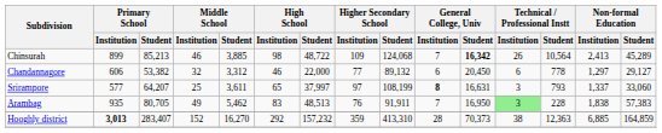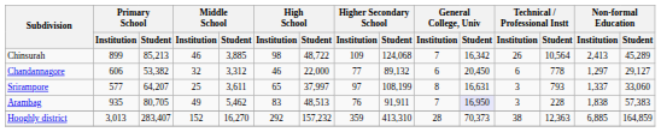 <table class="wikitable" style="text-align:center;font-size: 9pt">
 <tr>
 <th width="110" rowspan="2">Subdivision</th>
 <th colspan="2">Primary<br>School</th>
 <th colspan="2">Middle<br>School</th>
 <th colspan="2">High<br>School</th>
 <th colspan="2">Higher Secondary<br>School</th>
 <th colspan="2">General<br>College, Univ</th>
 <th colspan="2">Technical /<br>Professional Instt</th>
 <th colspan="2">Non-formal<br>Education</th>
 </tr>
 <tr>
 <th width="30">Institution</th>
 <th width="30">Student</th>
 <th width="30">Institution</th>
 <th width="30">Student</th>
 <th width="30">Institution</th>
 <th width="30">Student</th>
 <th width="30">Institution</th>
 <th width="30">Student</th>
 <th width="30">Institution</th>
 <th width="30">Student</th>
 <th width="30">Institution</th>
 <th width="30">Student</th>
 <th width="30">Institution</th>
 <th width="30">Student<br></th>
 </tr>
 <tr>
 <td align=left>Chinsurah</td>
 <td align="center">899</td>
 <td align="center">85,213</td>
 <td align="center">46</td>
 <td align="center">3,885</td>
 <td align="center">98</td>
 <td align="center">48,722</td>
 <td align="center">109</td>
 <td align="center">124,068</td>
 <td align="center">7</td>
-<td align="center"><strong>16,342</strong></td>
+<td align="center">16,342</td>
 <td align="center">26</td>
 <td align="center">10,564</td>
 <td align="center">2,413</td>
 <td align="center">45,289</td>
 </tr>
 <tr>
 <td align=left><a href='#'>Chandannagore</a></td>
 <td align="center">606</td>
 <td align="center">53,382</td>
 <td align="center">32</td>
 <td align="center">3,312</td>
 <td align="center">46</td>
 <td align="center">22,000</td>
 <td align="center">77</td>
 <td align="center">89,132</td>
 <td align="center">6</td>
 <td align="center">20,450</td>
 <td align="center">6</td>
 <td align="center">778</td>
 <td align="center">1,297</td>
 <td align="center">29,127</td>
 </tr>
 <tr>
 <td align=left><a href='#'>Srirampore</a></td>
 <td align="center">577</td>
 <td align="center">64,207</td>
 <td align="center">25</td>
 <td align="center">3,611</td>
 <td align="center">65</td>
 <td align="center">37,997</td>
 <td align="center">97</td>
 <td align="center">108,199</td>
-<td align="center"><strong>8</strong></td>
+<td align="center">8</td>
 <td align="center">16,631</td>
 <td align="center">3</td>
 <td align="center">793</td>
 <td align="center">1,337</td>
 <td align="center">33,060</td>
 </tr>
 <tr>
 <td align=left><a href='#'>Arambag</a></td>
 <td align="center">935</td>
 <td align="center">80,705</td>
 <td align="center">49</td>
 <td align="center">5,462</td>
 <td align="center">83</td>
 <td align="center">48,513</td>
 <td align="center">76</td>
 <td align="center">91,911</td>
 <td align="center">7</td>
-<td align="center">16,950</td>
-<td align="center" style="background: lightgreen;">3</td>
+<td align="center" style="background: lavender;">16,950</td>
+<td align="center">3</td>
 <td align="center">228</td>
 <td align="center">1,838</td>
 <td align="center">57,383</td>
 </tr>
 <tr>
 </tr>
 <tr>
 <td align=left><a href='#'>Hooghly district</a></td>
-<td align="center"><strong>3,013</strong></td>
+<td align="center">3,013</td>
 <td align="center">283,407</td>
 <td align="center">152</td>
 <td align="center">16,270</td>
 <td align="center">292</td>
 <td align="center">157,232</td>
 <td align="center">359</td>
 <td align="center">413,310</td>
 <td align="center">28</td>
 <td align="center">70,373</td>
 <td align="center">38</td>
 <td align="center">12,363</td>
 <td align="center">6,885</td>
 <td align="center">164,859</td>
 </tr>
 <tr>
 </tr>
 </table>
